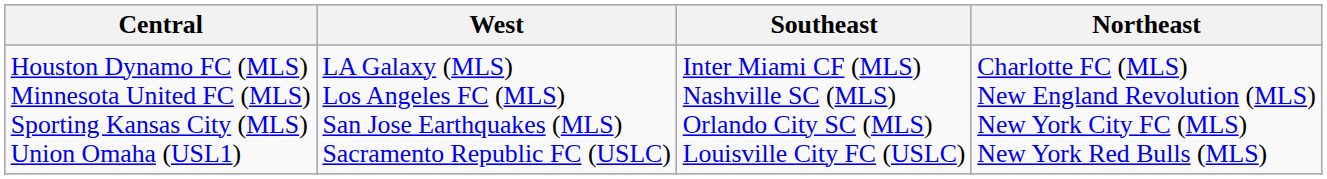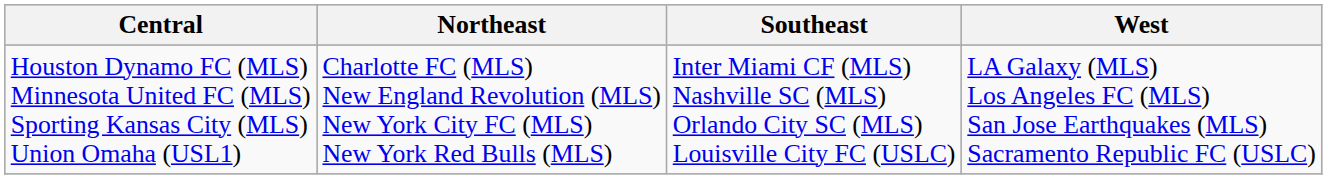 <table class="wikitable">
 <tr>
 <th>Central</th>
+<th>Northeast</th>
+<th>Southeast</th>
 <th>West</th>
-<th>Southeast</th>
-<th>Northeast</th>
 </tr>
 <tr valign=top>
 <td><a href='#'>Houston Dynamo FC</a> (<a href='#'>MLS</a>)<br><a href='#'>Minnesota United FC</a> (<a href='#'>MLS</a>)<br><a href='#'>Sporting Kansas City</a> (<a href='#'>MLS</a>)<br><a href='#'>Union Omaha</a> (<a href='#'>USL1</a>)</td>
+<td><a href='#'>Charlotte FC</a> (<a href='#'>MLS</a>)<br><a href='#'>New England Revolution</a> (<a href='#'>MLS</a>)<br><a href='#'>New York City FC</a> (<a href='#'>MLS</a>)<br><a href='#'>New York Red Bulls</a> (<a href='#'>MLS</a>)</td>
+<td><a href='#'>Inter Miami CF</a> (<a href='#'>MLS</a>)<br><a href='#'>Nashville SC</a> (<a href='#'>MLS</a>)<br><a href='#'>Orlando City SC</a> (<a href='#'>MLS</a>)<br><a href='#'>Louisville City FC</a> (<a href='#'>USLC</a>)</td>
 <td><a href='#'>LA Galaxy</a> (<a href='#'>MLS</a>)<br><a href='#'>Los Angeles FC</a> (<a href='#'>MLS</a>)<br><a href='#'>San Jose Earthquakes</a> (<a href='#'>MLS</a>)<br><a href='#'>Sacramento Republic FC</a> (<a href='#'>USLC</a>)</td>
-<td><a href='#'>Inter Miami CF</a> (<a href='#'>MLS</a>)<br><a href='#'>Nashville SC</a> (<a href='#'>MLS</a>)<br><a href='#'>Orlando City SC</a> (<a href='#'>MLS</a>)<br><a href='#'>Louisville City FC</a> (<a href='#'>USLC</a>)</td>
-<td><a href='#'>Charlotte FC</a> (<a href='#'>MLS</a>)<br><a href='#'>New England Revolution</a> (<a href='#'>MLS</a>)<br><a href='#'>New York City FC</a> (<a href='#'>MLS</a>)<br><a href='#'>New York Red Bulls</a> (<a href='#'>MLS</a>)</td>
 </tr>
 </table>
